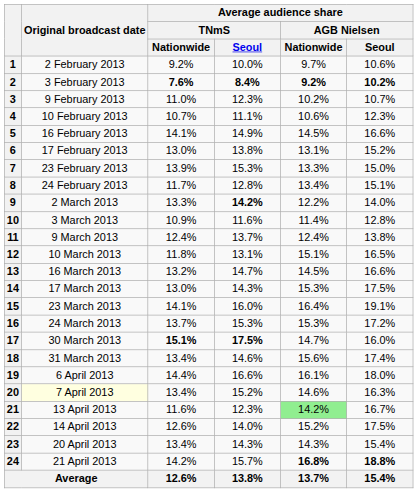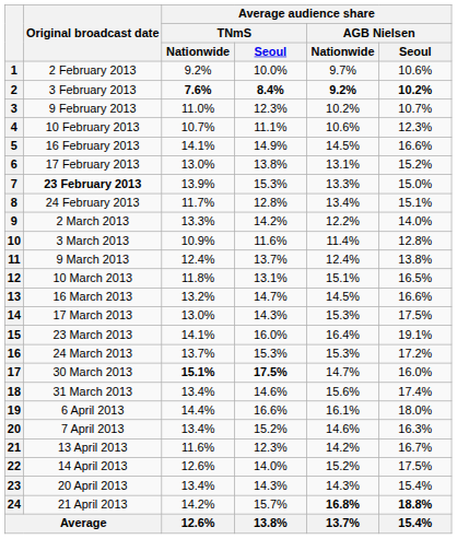 <table class=wikitable style="text-align:center">
 <tr>
 <th rowspan="3"></th>
 <th rowspan="3">Original broadcast date</th>
 <th colspan="4">Average audience share</th>
 </tr>
 <tr>
 <th colspan="2">TNmS</th>
 <th colspan="2">AGB Nielsen</th>
 </tr>
 <tr>
 <th width=90>Nationwide</th>
 <th width=90><a href='#'>Seoul</a></th>
 <th width=90>Nationwide</th>
 <th width=90>Seoul</th>
 </tr>
 <tr>
 <th>1</th>
 <td>2 February 2013</td>
 <td>9.2%</td>
 <td>10.0%</td>
 <td>9.7%</td>
 <td>10.6%</td>
 </tr>
 <tr>
 <th>2</th>
 <td>3 February 2013</td>
 <td><span><strong>7.6%</strong></span></td>
 <td><span><strong>8.4%</strong></span></td>
 <td><span><strong>9.2%</strong></span></td>
 <td><span><strong>10.2%</strong></span></td>
 </tr>
 <tr>
 <th>3</th>
 <td>9 February 2013</td>
 <td>11.0%</td>
 <td>12.3%</td>
 <td>10.2%</td>
 <td>10.7%</td>
 </tr>
 <tr>
 <th>4</th>
 <td>10 February 2013</td>
 <td>10.7%</td>
 <td>11.1%</td>
 <td>10.6%</td>
 <td>12.3%</td>
 </tr>
 <tr>
 <th>5</th>
 <td>16 February 2013</td>
 <td>14.1%</td>
 <td>14.9%</td>
 <td>14.5%</td>
 <td>16.6%</td>
 </tr>
 <tr>
 <th>6</th>
 <td>17 February 2013</td>
 <td>13.0%</td>
 <td>13.8%</td>
 <td>13.1%</td>
 <td>15.2%</td>
 </tr>
 <tr>
 <th>7</th>
-<td>23 February 2013</td>
+<td><strong>23 February 2013</strong></td>
 <td>13.9%</td>
 <td>15.3%</td>
 <td>13.3%</td>
 <td>15.0%</td>
 </tr>
 <tr>
 <th>8</th>
 <td>24 February 2013</td>
 <td>11.7%</td>
 <td>12.8%</td>
 <td>13.4%</td>
 <td>15.1%</td>
 </tr>
 <tr>
 <th>9</th>
 <td>2 March 2013</td>
 <td>13.3%</td>
-<td><strong>14.2%</strong></td>
+<td>14.2%</td>
 <td>12.2%</td>
 <td>14.0%</td>
 </tr>
 <tr>
 <th>10</th>
 <td>3 March 2013</td>
 <td>10.9%</td>
 <td>11.6%</td>
 <td>11.4%</td>
 <td>12.8%</td>
 </tr>
 <tr>
 <th>11</th>
 <td>9 March 2013</td>
 <td>12.4%</td>
 <td>13.7%</td>
 <td>12.4%</td>
 <td>13.8%</td>
 </tr>
 <tr>
 <th>12</th>
 <td>10 March 2013</td>
 <td>11.8%</td>
 <td>13.1%</td>
 <td>15.1%</td>
 <td>16.5%</td>
 </tr>
 <tr>
 <th>13</th>
 <td>16 March 2013</td>
 <td>13.2%</td>
 <td>14.7%</td>
 <td>14.5%</td>
 <td>16.6%</td>
 </tr>
 <tr>
 <th>14</th>
 <td>17 March 2013</td>
 <td>13.0%</td>
 <td>14.3%</td>
 <td>15.3%</td>
 <td>17.5%</td>
 </tr>
 <tr>
 <th>15</th>
 <td>23 March 2013</td>
 <td>14.1%</td>
 <td>16.0%</td>
 <td>16.4%</td>
 <td>19.1%</td>
 </tr>
 <tr>
 <th>16</th>
 <td>24 March 2013</td>
 <td>13.7%</td>
 <td>15.3%</td>
 <td>15.3%</td>
 <td>17.2%</td>
 </tr>
 <tr>
 <th>17</th>
 <td>30 March 2013</td>
 <td><span><strong>15.1%</strong></span></td>
 <td><span><strong>17.5%</strong></span></td>
 <td>14.7%</td>
 <td>16.0%</td>
 </tr>
 <tr>
 <th>18</th>
 <td>31 March 2013</td>
 <td>13.4%</td>
 <td>14.6%</td>
 <td>15.6%</td>
 <td>17.4%</td>
 </tr>
 <tr>
 <th>19</th>
 <td>6 April 2013</td>
 <td>14.4%</td>
 <td>16.6%</td>
 <td>16.1%</td>
 <td>18.0%</td>
 </tr>
 <tr>
 <th>20</th>
-<td style="background: lightyellow;">7 April 2013</td>
+<td>7 April 2013</td>
 <td>13.4%</td>
 <td>15.2%</td>
 <td>14.6%</td>
 <td>16.3%</td>
 </tr>
 <tr>
 <th>21</th>
 <td>13 April 2013</td>
 <td>11.6%</td>
 <td>12.3%</td>
-<td style="background: lightgreen;">14.2%</td>
+<td>14.2%</td>
 <td>16.7%</td>
 </tr>
 <tr>
 <th>22</th>
 <td>14 April 2013</td>
 <td>12.6%</td>
 <td>14.0%</td>
 <td>15.2%</td>
 <td>17.5%</td>
 </tr>
 <tr>
 <th>23</th>
 <td>20 April 2013</td>
 <td>13.4%</td>
 <td>14.3%</td>
 <td>14.3%</td>
 <td>15.4%</td>
 </tr>
 <tr>
 <th>24</th>
 <td>21 April 2013</td>
 <td>14.2%</td>
 <td>15.7%</td>
 <td><span><strong>16.8%</strong></span></td>
 <td><span><strong>18.8%</strong></span></td>
 </tr>
 <tr>
 <th colspan=2>Average</th>
 <th>12.6%</th>
 <th>13.8%</th>
 <th>13.7%</th>
 <th>15.4%</th>
 </tr>
 </table>
